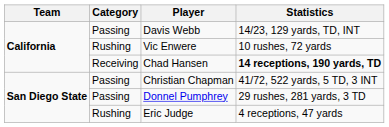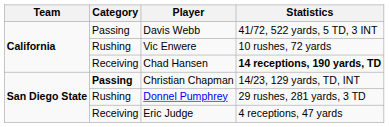 <table class="wikitable" style="float: left;">
 <tr>
 <th>Team</th>
 <th>Category</th>
 <th>Player</th>
 <th>Statistics</th>
 </tr>
 <tr>
 <td rowspan=3><strong>California</strong></td>
 <td>Passing</td>
 <td>Davis Webb</td>
-<td>14/23, 129 yards, TD, INT</td>
+<td>41/72, 522 yards, 5 TD, 3 INT</td>
 </tr>
 <tr>
 <td>Rushing</td>
 <td>Vic Enwere</td>
 <td>10 rushes, 72 yards</td>
 </tr>
 <tr>
 <td>Receiving</td>
 <td>Chad Hansen</td>
 <td><strong>14 receptions, 190 yards, TD</strong></td>
 </tr>
 <tr>
 <td rowspan=3><strong>San Diego State</strong></td>
-<td>Passing</td>
+<td><strong>Passing</strong></td>
 <td>Christian Chapman</td>
-<td>41/72, 522 yards, 5 TD, 3 INT</td>
+<td>14/23, 129 yards, TD, INT</td>
 </tr>
 <tr>
-<td>Passing</td>
+<td>Rushing</td>
 <td><a href='#'>Donnel Pumphrey</a></td>
 <td>29 rushes, 281 yards, 3 TD</td>
 </tr>
 <tr>
-<td>Rushing</td>
+<td>Receiving</td>
 <td>Eric Judge</td>
 <td>4 receptions, 47 yards</td>
 </tr>
 </table>
